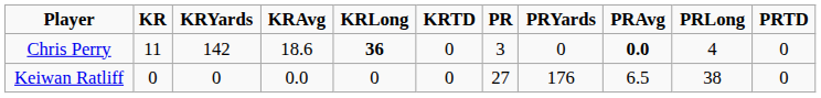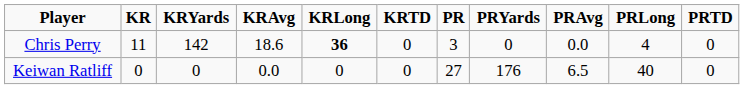 <table class="wikitable" style="width:80%;">
 <tr align="center">
 <td><strong>Player</strong></td>
 <td><strong>KR</strong></td>
 <td><strong>KRYards</strong></td>
 <td><strong>KRAvg</strong></td>
 <td><strong>KRLong</strong></td>
 <td><strong>KRTD</strong></td>
 <td><strong>PR</strong></td>
 <td><strong>PRYards</strong></td>
 <td><strong>PRAvg</strong></td>
 <td><strong>PRLong</strong></td>
 <td><strong>PRTD</strong></td>
 </tr>
 <tr style="text-align:center;" bgcolor="">
 <td><a href='#'>Chris Perry</a></td>
 <td>11</td>
 <td>142</td>
 <td>18.6</td>
 <td><strong>36</strong></td>
 <td>0</td>
 <td>3</td>
 <td>0</td>
-<td><strong>0.0</strong></td>
+<td>0.0</td>
 <td>4</td>
 <td>0</td>
 </tr>
 <tr style="text-align:center;" bgcolor="">
 <td><a href='#'>Keiwan Ratliff</a></td>
 <td>0</td>
 <td>0</td>
 <td>0.0</td>
 <td>0</td>
 <td>0</td>
 <td>27</td>
 <td>176</td>
 <td>6.5</td>
-<td>38</td>
+<td>40</td>
 <td>0</td>
 </tr>
 </table>
